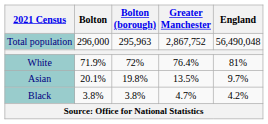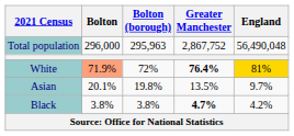 <table class="wikitable" style="float: right; margin-left: 1em; font-size: 90%; text-align:center">
 <tr>
 <th><a href='#'>2021 Census</a></th>
 <th>Bolton</th>
 <th><a href='#'>Bolton<br>(borough)</a></th>
 <th><a href='#'>Greater<br>Manchester</a></th>
 <th>England</th>
 </tr>
 <tr>
 <td style="background:#9cc; color:navy;">Total population</td>
 <td>296,000</td>
 <td>295,963</td>
 <td>2,867,752</td>
 <td>56,490,048</td>
 </tr>
 <tr>
 <th colspan="5"></th>
 </tr>
 <tr>
 <td style="background:#9cc; color:navy;">White</td>
-<td>71.9%</td>
+<td style="background: lightsalmon;">71.9%</td>
 <td>72%</td>
-<td>76.4%</td>
-<td>81%</td>
+<td><strong>76.4%</strong></td>
+<td style="background: gold;">81%</td>
 </tr>
 <tr>
 <td style="background:#9cc; color:navy;">Asian</td>
 <td>20.1%</td>
 <td>19.8%</td>
 <td>13.5%</td>
 <td>9.7%</td>
 </tr>
 <tr>
 <td style="background:#9cc; color:navy;">Black</td>
 <td>3.8%</td>
 <td>3.8%</td>
-<td>4.7%</td>
+<td><strong>4.7%</strong></td>
 <td>4.2%</td>
 </tr>
 <tr>
 <th colspan="5" style="font-size:90%;">Source: Office for National Statistics</th>
 </tr>
 </table>
